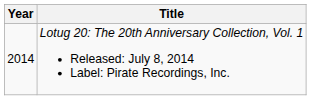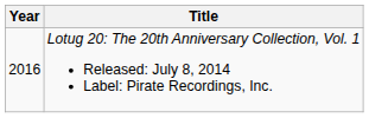 <table class="wikitable">
 <tr>
 <th rowspan="1">Year</th>
 <th rowspan="1">Title</th>
 </tr>
 <tr>
-<td>2014</td>
+<td>2016</td>
 <td><em>Lotug 20: The 20th Anniversary Collection, Vol. 1</em><br><ul><li>Released: July 8, 2014</li><li>Label: Pirate Recordings, Inc.</li></ul></td>
 </tr>
 </table>
